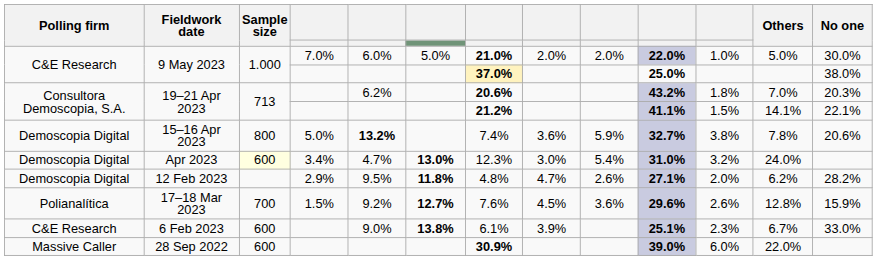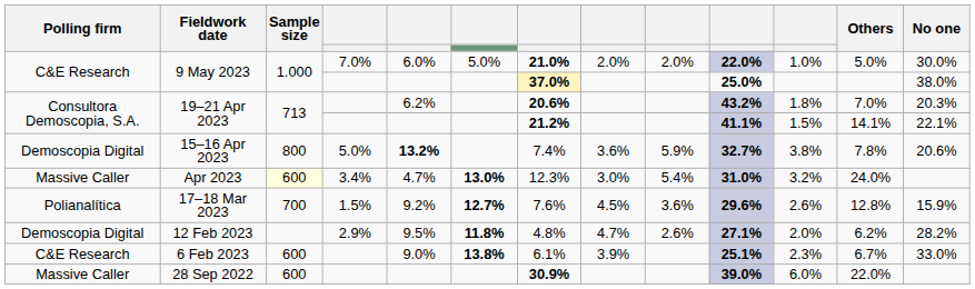 <table class="wikitable" style="text-align:center;font-size:90%;line-height:14px;">
 <tr style="height:40px;">
 <th style="width:150px;" rowspan="2">Polling firm</th>
 <th style="width:100px;" rowspan="2">Fieldwork date</th>
 <th style="width:50px;" rowspan="2">Sample size</th>
 <th class="unsortable" style="width:58px;"></th>
 <th class="unsortable" style="width:58px;"></th>
 <th class="unsortable" style="width:60px;"></th>
 <th class="unsortable" style="width:58px;"></th>
 <th class="unsortable" style="width:58px;"></th>
 <th class="unsortable" style="width:58px;"></th>
 <th class="unsortable" style="width:58px;"></th>
 <th class="unsortable" style="width:58px;"></th>
 <th style="width:60px;" rowspan="2">Others</th>
 <th style="width:60px;" rowspan="2">No one</th>
 </tr>
 <tr>
 <th style="background:"></th>
 <th style="background:"></th>
 <th style="background:#709478;"></th>
 <th style="background:"></th>
 <th style="background:"></th>
 <th style="background:"></th>
 <th style="background:"></th>
 <th style="background:"></th>
 </tr>
 <tr>
 <td rowspan="2">C&E Research</td>
 <td rowspan="2">9 May 2023</td>
 <td rowspan="2">1.000</td>
 <td>7.0%</td>
 <td>6.0%</td>
 <td>5.0%</td>
 <td><strong>21.0%</strong></td>
 <td>2.0%</td>
 <td>2.0%</td>
 <td style="background:#c9cbe0;"><strong>22.0%</strong></td>
 <td>1.0%</td>
 <td>5.0%</td>
 <td>30.0%</td>
 </tr>
 <tr>
 <td></td>
 <td></td>
 <td></td>
 <td style="background:#fff3bf;"><strong>37.0%</strong></td>
 <td></td>
 <td></td>
 <td><strong>25.0%</strong></td>
 <td></td>
 <td></td>
 <td>38.0%</td>
 </tr>
 <tr>
 <td rowspan="2">Consultora Demoscopia, S.A.</td>
 <td rowspan="2">19–21 Apr 2023</td>
 <td rowspan="2">713</td>
 <td></td>
 <td>6.2%</td>
 <td></td>
 <td><strong>20.6%</strong></td>
 <td></td>
 <td></td>
 <td style="background:#c9cbe0;"><strong>43.2%</strong></td>
 <td>1.8%</td>
 <td>7.0%</td>
 <td>20.3%</td>
 </tr>
 <tr>
 <td></td>
 <td></td>
 <td></td>
 <td><strong>21.2%</strong></td>
 <td></td>
 <td></td>
 <td style="background:#c9cbe0;"><strong>41.1%</strong></td>
 <td>1.5%</td>
 <td>14.1%</td>
 <td>22.1%</td>
 </tr>
 <tr>
 <td>Demoscopia Digital</td>
 <td>15–16 Apr 2023</td>
 <td>800</td>
 <td>5.0%</td>
 <td><strong>13.2%</strong></td>
 <td></td>
 <td>7.4%</td>
 <td>3.6%</td>
 <td>5.9%</td>
 <td style="background:#c9cbe0;"><strong>32.7%</strong></td>
 <td>3.8%</td>
 <td>7.8%</td>
 <td>20.6%</td>
 </tr>
 <tr>
-<td>Demoscopia Digital</td>
+<td>Massive Caller</td>
 <td>Apr 2023</td>
 <td style="background: lightyellow;">600</td>
 <td>3.4%</td>
 <td>4.7%</td>
 <td><strong>13.0%</strong></td>
 <td>12.3%</td>
 <td>3.0%</td>
 <td>5.4%</td>
 <td style="background:#c9cbe0;"><strong>31.0%</strong></td>
 <td>3.2%</td>
 <td>24.0%</td>
 <td></td>
+</tr>
+<tr>
+<td>Polianalítica</td>
+<td>17–18 Mar 2023</td>
+<td>700</td>
+<td>1.5%</td>
+<td>9.2%</td>
+<td><strong>12.7%</strong></td>
+<td>7.6%</td>
+<td>4.5%</td>
+<td>3.6%</td>
+<td style="background:#c9cbe0;"><strong>29.6%</strong></td>
+<td>2.6%</td>
+<td>12.8%</td>
+<td>15.9%</td>
 </tr>
 <tr>
 <td>Demoscopia Digital</td>
 <td>12 Feb 2023</td>
 <td></td>
 <td>2.9%</td>
 <td>9.5%</td>
 <td><strong>11.8%</strong></td>
 <td>4.8%</td>
 <td>4.7%</td>
 <td>2.6%</td>
 <td style="background:#c9cbe0;"><strong>27.1%</strong></td>
 <td>2.0%</td>
 <td>6.2%</td>
 <td>28.2%</td>
-</tr>
-<tr>
-<td>Polianalítica</td>
-<td>17–18 Mar 2023</td>
-<td>700</td>
-<td>1.5%</td>
-<td>9.2%</td>
-<td><strong>12.7%</strong></td>
-<td>7.6%</td>
-<td>4.5%</td>
-<td>3.6%</td>
-<td style="background:#c9cbe0;"><strong>29.6%</strong></td>
-<td>2.6%</td>
-<td>12.8%</td>
-<td>15.9%</td>
 </tr>
 <tr>
 <td>C&E Research</td>
 <td>6 Feb 2023</td>
 <td>600</td>
 <td></td>
 <td>9.0%</td>
 <td><strong>13.8%</strong></td>
 <td>6.1%</td>
 <td>3.9%</td>
 <td></td>
 <td style="background:#c9cbe0;"><strong>25.1%</strong></td>
 <td>2.3%</td>
 <td>6.7%</td>
 <td>33.0%</td>
 </tr>
 <tr>
 <td>Massive Caller</td>
 <td>28 Sep 2022</td>
 <td>600</td>
 <td></td>
 <td></td>
 <td></td>
 <td><strong>30.9%</strong></td>
 <td></td>
 <td></td>
 <td style="background:#c9cbe0;"><strong>39.0%</strong></td>
 <td>6.0%</td>
 <td>22.0%</td>
 <td></td>
 </tr>
 </table>
